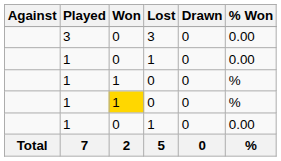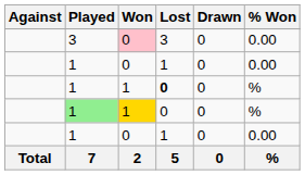 <table class="sortable wikitable" style="font-size: 87%;">
 <tr>
 <th>Against</th>
 <th>Played</th>
 <th>Won</th>
 <th>Lost</th>
 <th>Drawn</th>
 <th>% Won</th>
 </tr>
 <tr bgcolor="#d0ffd0" align="center">
 </tr>
 <tr>
 <td align="left"></td>
 <td>3</td>
-<td>0</td>
+<td style="background: pink;">0</td>
 <td>3</td>
 <td>0</td>
 <td>0.00</td>
 </tr>
 <tr>
 <td align="left"></td>
 <td>1</td>
 <td>0</td>
 <td>1</td>
 <td>0</td>
 <td>0.00</td>
 </tr>
 <tr>
 <td align="left"></td>
 <td>1</td>
 <td>1</td>
-<td>0</td>
+<td><strong>0</strong></td>
 <td>0</td>
 <td>%</td>
 </tr>
 <tr>
 <td align="left"></td>
-<td>1</td>
+<td style="background: lightgreen;">1</td>
 <td style="background: gold;">1</td>
 <td>0</td>
 <td>0</td>
 <td>%</td>
 </tr>
 <tr>
 <td align="left"></td>
 <td>1</td>
 <td>0</td>
 <td>1</td>
 <td>0</td>
 <td>0.00</td>
 </tr>
 <tr>
 <th>Total</th>
 <th><strong>7</strong></th>
 <th><strong>2</strong></th>
 <th><strong>5</strong></th>
 <th><strong>0</strong></th>
 <th><strong>%</strong></th>
 </tr>
 </table>
